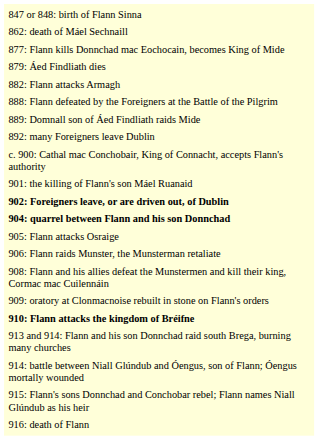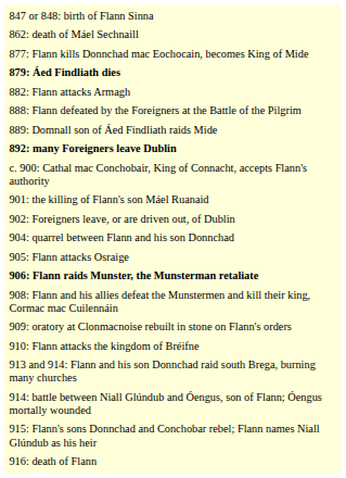 <table class="toccolours" style="float: right; margin-left: 1em; margin-right: 2em; font-size: 85%; background:#ffffd9; color:black; width:30em; max-width: 35%;" cellspacing="5">
 <tr>
 <td style="text-align: left;">847 or 848: birth of Flann Sinna</td>
 </tr>
 <tr>
 <td style="text-align: left;">862: death of Máel Sechnaill</td>
 </tr>
 <tr>
 <td style="text-align: left;">877: Flann kills Donnchad mac Eochocain, becomes King of Mide</td>
 </tr>
 <tr>
-<td style="text-align: left;">879: Áed Findliath dies</td>
+<td style="text-align: left;"><strong>879: Áed Findliath dies</strong></td>
 </tr>
 <tr>
 <td style="text-align: left;">882: Flann attacks Armagh</td>
 </tr>
 <tr>
 <td style="text-align: left;">888: Flann defeated by the Foreigners at the Battle of the Pilgrim</td>
 </tr>
 <tr>
 <td style="text-align: left;">889: Domnall son of Áed Findliath raids Mide</td>
 </tr>
 <tr>
-<td style="text-align: left;">892: many Foreigners leave Dublin</td>
+<td style="text-align: left;"><strong>892: many Foreigners leave Dublin</strong></td>
 </tr>
 <tr>
 <td style="text-align: left;">c. 900: Cathal mac Conchobair, King of Connacht, accepts Flann's authority</td>
 </tr>
 <tr>
 <td style="text-align: left;">901: the killing of Flann's son Máel Ruanaid</td>
 </tr>
 <tr>
-<td style="text-align: left;"><strong>902: Foreigners leave, or are driven out, of Dublin</strong></td>
+<td style="text-align: left;">902: Foreigners leave, or are driven out, of Dublin</td>
 </tr>
 <tr>
-<td style="text-align: left;"><strong>904: quarrel between Flann and his son Donnchad</strong></td>
+<td style="text-align: left;">904: quarrel between Flann and his son Donnchad</td>
 </tr>
 <tr>
 <td style="text-align: left;">905: Flann attacks Osraige</td>
 </tr>
 <tr>
-<td style="text-align: left;">906: Flann raids Munster, the Munsterman retaliate</td>
+<td style="text-align: left;"><strong>906: Flann raids Munster, the Munsterman retaliate</strong></td>
 </tr>
 <tr>
 <td style="text-align: left;">908: Flann and his allies defeat the Munstermen and kill their king, Cormac mac Cuilennáin</td>
 </tr>
 <tr>
 <td style="text-align: left;">909: oratory at Clonmacnoise rebuilt in stone on Flann's orders</td>
 </tr>
 <tr>
-<td style="text-align: left;"><strong>910: Flann attacks the kingdom of Bréifne</strong></td>
+<td style="text-align: left;">910: Flann attacks the kingdom of Bréifne</td>
 </tr>
 <tr>
 <td style="text-align: left;">913 and 914: Flann and his son Donnchad raid south Brega, burning many churches</td>
 </tr>
 <tr>
 <td style="text-align: left;">914: battle between Niall Glúndub and Óengus, son of Flann; Óengus mortally wounded</td>
 </tr>
 <tr>
 <td style="text-align: left;">915: Flann's sons Donnchad and Conchobar rebel; Flann names Niall Glúndub as his heir</td>
 </tr>
 <tr>
 <td style="text-align: left;">916: death of Flann</td>
 </tr>
 </table>
